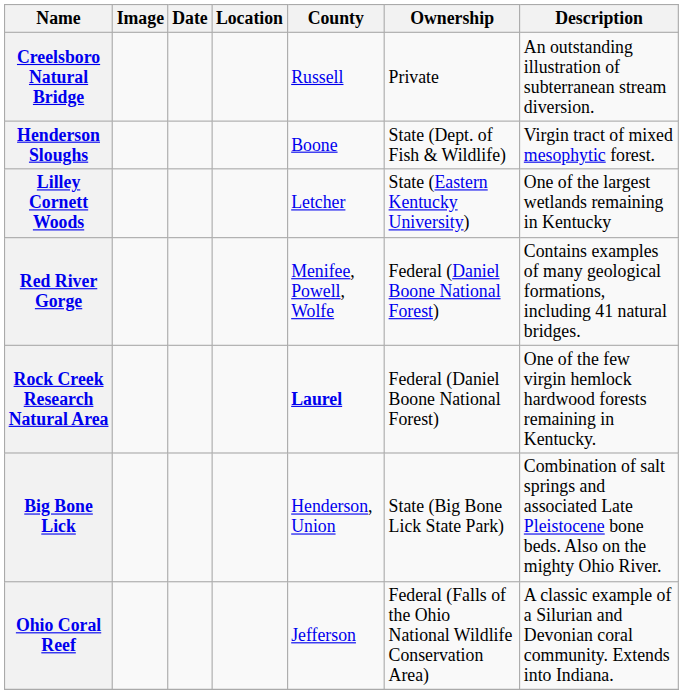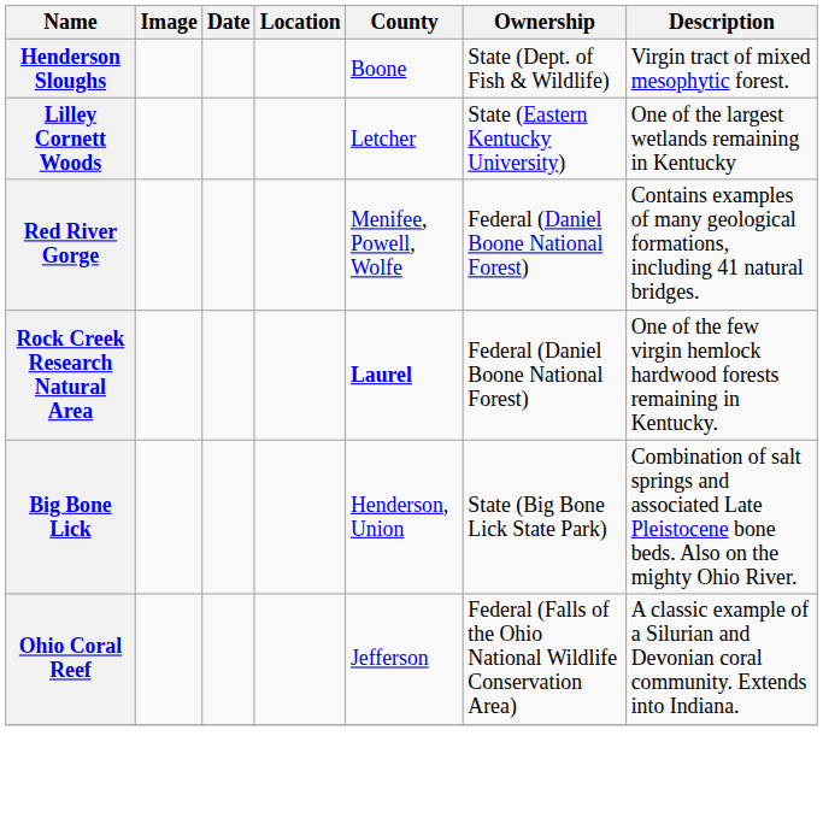 <table class="wikitable sortable" align="center">
 <tr>
 <th style="background-color:">Name</th>
 <th style="background-color:">Image</th>
 <th style="background-color:">Date</th>
 <th style="background-color:">Location</th>
 <th style="background-color:">County</th>
 <th style="background-color:">Ownership</th>
 <th style="background-color:">Description</th>
-</tr>
-<tr>
-<th><a href='#'>Creelsboro Natural Bridge</a></th>
-<td></td>
-<td></td>
-<td></td>
-<td><a href='#'>Russell</a></td>
-<td>Private</td>
-<td>An outstanding illustration of subterranean stream diversion.</td>
 </tr>
 <tr>
 <th><a href='#'>Henderson Sloughs</a></th>
 <td></td>
 <td></td>
 <td></td>
 <td><a href='#'>Boone</a></td>
 <td>State (Dept. of Fish & Wildlife)</td>
 <td>Virgin tract of mixed <a href='#'>mesophytic</a> forest.</td>
 </tr>
 <tr>
 <th><a href='#'>Lilley Cornett Woods</a></th>
 <td></td>
 <td></td>
 <td></td>
 <td><a href='#'>Letcher</a></td>
 <td>State (<a href='#'>Eastern Kentucky University</a>)</td>
 <td>One of the largest wetlands remaining in Kentucky</td>
 </tr>
 <tr>
 <th><a href='#'>Red River Gorge</a></th>
 <td></td>
 <td></td>
 <td></td>
 <td><a href='#'>Menifee</a>, <a href='#'>Powell</a>, <a href='#'>Wolfe</a></td>
 <td>Federal (<a href='#'>Daniel Boone National Forest</a>)</td>
 <td>Contains examples of many geological formations, including 41 natural bridges.</td>
 </tr>
 <tr>
 <th><a href='#'>Rock Creek Research Natural Area</a></th>
 <td></td>
 <td></td>
 <td></td>
 <td><strong><a href='#'>Laurel</a></strong></td>
 <td>Federal (Daniel Boone National Forest)</td>
 <td>One of the few virgin hemlock hardwood forests remaining in Kentucky.</td>
 </tr>
 <tr>
 <th><a href='#'>Big Bone Lick</a></th>
 <td></td>
 <td></td>
 <td></td>
 <td><a href='#'>Henderson</a>, <a href='#'>Union</a></td>
 <td>State (Big Bone Lick State Park)</td>
 <td>Combination of salt springs and associated Late <a href='#'>Pleistocene</a> bone beds. Also on the mighty Ohio River.</td>
 </tr>
 <tr>
 <th><a href='#'>Ohio Coral Reef</a></th>
 <td></td>
 <td></td>
 <td></td>
 <td><a href='#'>Jefferson</a></td>
 <td>Federal (Falls of the Ohio National Wildlife Conservation Area)</td>
 <td>A classic example of a Silurian and Devonian coral community.  Extends into Indiana.</td>
 </tr>
 <tr>
 </tr>
 </table>
